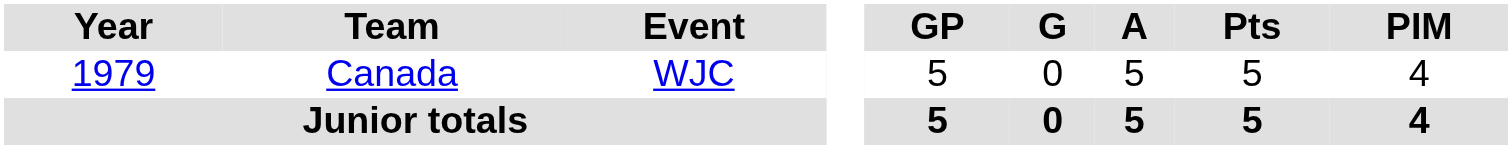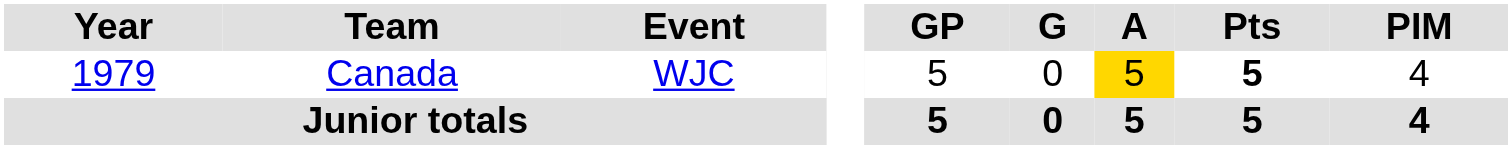 <table border="0" cellpadding="1" cellspacing="0" style="text-align:center; width:40em">
 <tr ALIGN="center" bgcolor="#e0e0e0">
 <th>Year</th>
 <th>Team</th>
 <th>Event</th>
 <th ALIGN="center" rowspan="99" bgcolor="#ffffff"> </th>
 <th>GP</th>
 <th>G</th>
 <th>A</th>
 <th>Pts</th>
 <th>PIM</th>
 </tr>
 <tr>
 <td><a href='#'>1979</a></td>
 <td><a href='#'>Canada</a></td>
 <td><a href='#'>WJC</a></td>
 <td>5</td>
 <td>0</td>
-<td>5</td>
-<td>5</td>
+<td style="background: gold;">5</td>
+<td><strong>5</strong></td>
 <td>4</td>
 </tr>
 <tr bgcolor="#e0e0e0">
 <th colspan="3">Junior totals</th>
 <th>5</th>
 <th>0</th>
 <th>5</th>
 <th>5</th>
 <th>4</th>
 </tr>
 </table>
